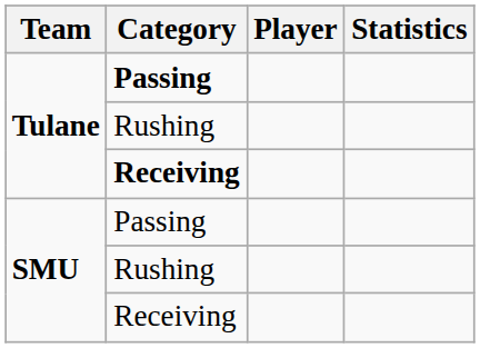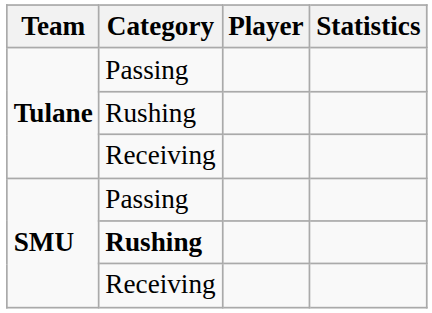 <table class="wikitable" style="float: right;">
 <tr>
 <th>Team</th>
 <th>Category</th>
 <th>Player</th>
 <th>Statistics</th>
 </tr>
 <tr>
 <td rowspan=3><strong>Tulane</strong></td>
-<td><strong>Passing</strong></td>
-<td></td>
-<td></td>
-</tr>
-<tr>
-<td>Rushing</td>
-<td></td>
-<td></td>
-</tr>
-<tr>
-<td><strong>Receiving</strong></td>
-<td></td>
-<td></td>
-</tr>
-<tr>
-<td rowspan=3><strong>SMU</strong></td>
 <td>Passing</td>
 <td></td>
 <td></td>
 </tr>
 <tr>
 <td>Rushing</td>
 <td></td>
 <td></td>
 </tr>
 <tr>
 <td>Receiving</td>
 <td></td>
 <td></td>
 </tr>
+<tr>
+<td rowspan=3><strong>SMU</strong></td>
+<td>Passing</td>
+<td></td>
+<td></td>
+</tr>
+<tr>
+<td><strong>Rushing</strong></td>
+<td></td>
+<td></td>
+</tr>
+<tr>
+<td>Receiving</td>
+<td></td>
+<td></td>
+</tr>
 </table>
